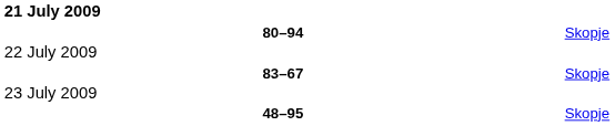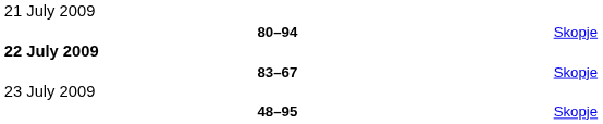 <table style="width:100%;" cellspacing="1">
 <tr>
 <th width=25%></th>
 <th width=3%></th>
 <th width=6%></th>
 <th width=3%></th>
 <th width=25%></th>
 </tr>
 <tr>
-<td><strong>21 July 2009</strong></td>
+<td>21 July 2009</td>
 </tr>
 <tr style=font-size:90%>
 <td align=right><strong></strong></td>
 <td></td>
 <td align=center><strong>80–94</strong></td>
 <td></td>
 <td><strong></strong></td>
 <td><a href='#'>Skopje</a></td>
 </tr>
 <tr>
-<td>22 July 2009</td>
+<td><strong>22 July 2009</strong></td>
 </tr>
 <tr style=font-size:90%>
 <td align=right><strong></strong></td>
 <td></td>
 <td align=center><strong>83–67</strong></td>
 <td></td>
 <td><strong></strong></td>
 <td><a href='#'>Skopje</a></td>
 </tr>
 <tr>
 <td>23 July 2009</td>
 </tr>
 <tr style=font-size:90%>
 <td align=right><strong></strong></td>
 <td></td>
 <td align=center><strong>48–95</strong></td>
 <td></td>
 <td><strong></strong></td>
 <td><a href='#'>Skopje</a></td>
 </tr>
 </table>
